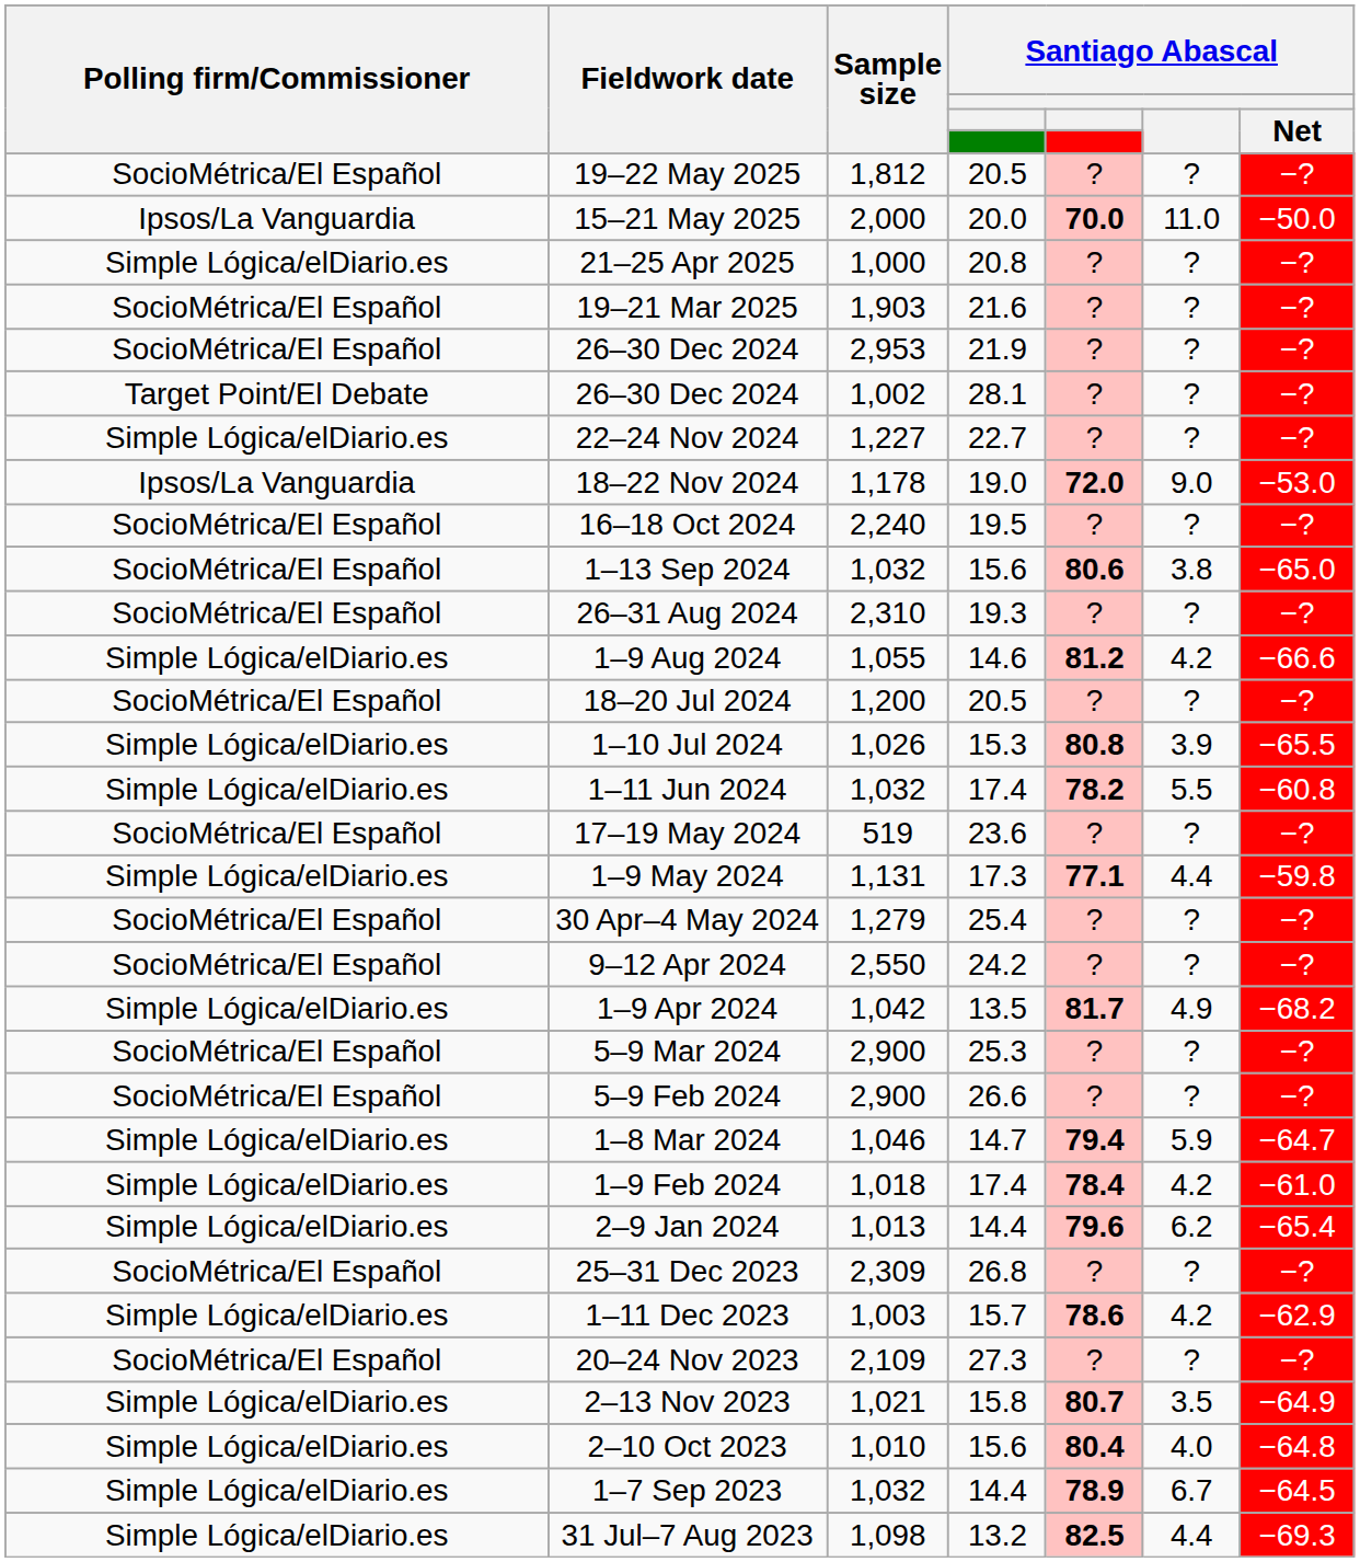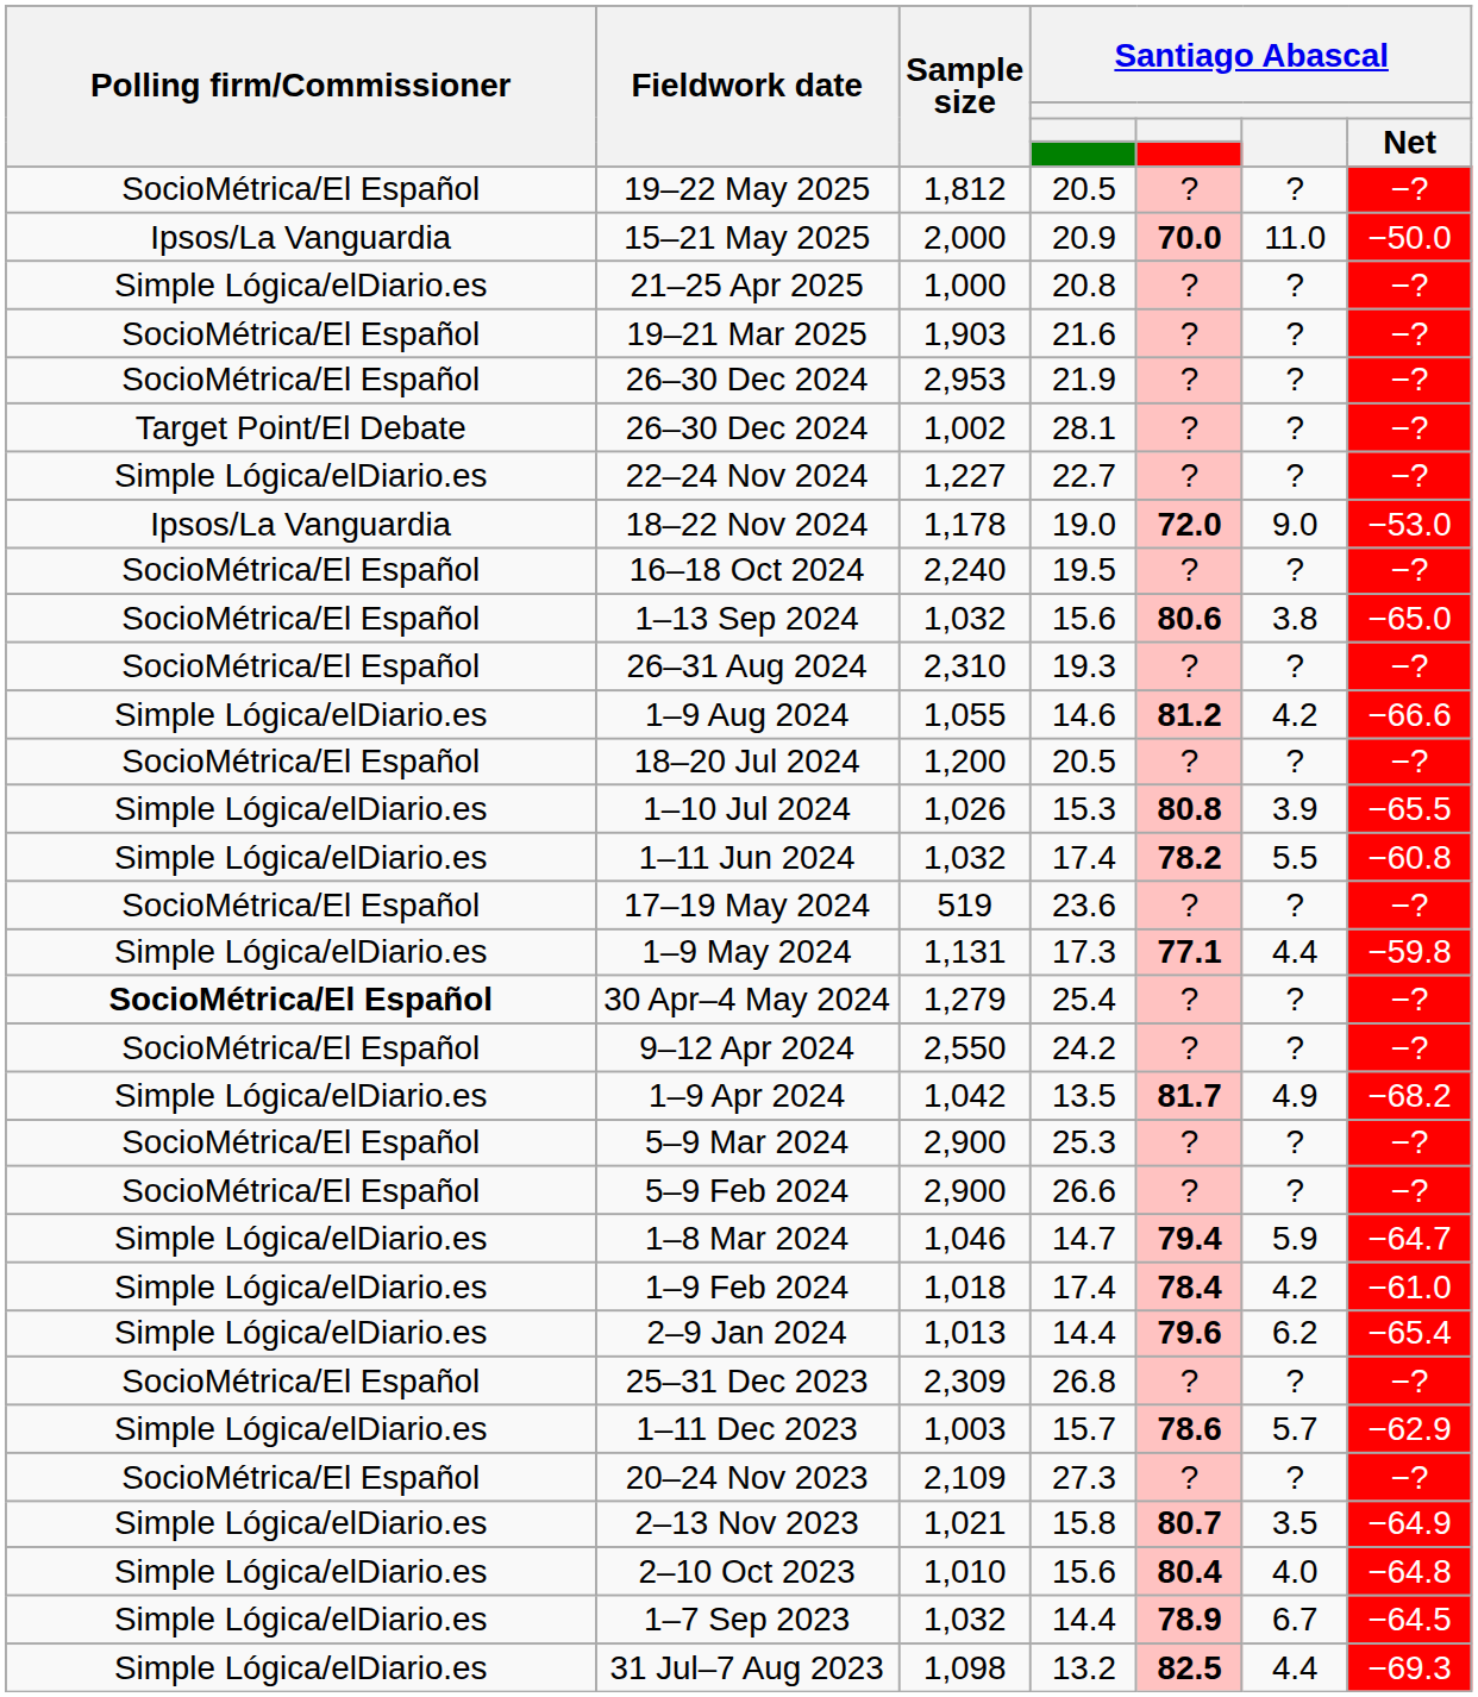 <table class="wikitable collapsible collapsed" style="text-align:center; font-size:90%; line-height:14px;">
 <tr style="height:42px;">
 <th style="width:250px;" rowspan="4">Polling firm/Commissioner</th>
 <th style="width:125px;" rowspan="4">Fieldwork date</th>
 <th style="width:50px;" rowspan="4">Sample size</th>
 <th style="width:185px;" colspan="4"><a href='#'>Santiago Abascal</a><br></th>
 </tr>
 <tr>
 <th colspan="4" style="background:"></th>
 </tr>
 <tr>
 <th style="width:30px;"></th>
 <th style="width:30px;"></th>
 <th style="width:30px;" rowspan="2"></th>
 <th style="width:30px;" rowspan="2">Net</th>
 </tr>
 <tr>
 <th style="color:inherit;background:#008000;"></th>
 <th style="color:inherit;background:#FF0000;"></th>
 </tr>
 <tr>
 <td>SocioMétrica/El Español</td>
 <td>19–22 May 2025</td>
 <td>1,812</td>
 <td>20.5</td>
 <td style="background:#FFC2C1;">?</td>
 <td>?</td>
 <td style="background:#FF0000; color:white;">−?</td>
 </tr>
 <tr>
 <td>Ipsos/La Vanguardia</td>
 <td>15–21 May 2025</td>
 <td>2,000</td>
-<td>20.0</td>
+<td>20.9</td>
 <td style="background:#FFC2C1;"><strong>70.0</strong></td>
 <td>11.0</td>
 <td style="background:#FF0000; color:white;">−50.0</td>
 </tr>
 <tr>
 <td>Simple Lógica/elDiario.es</td>
 <td>21–25 Apr 2025</td>
 <td>1,000</td>
 <td>20.8</td>
 <td style="background:#FFC2C1;">?</td>
 <td>?</td>
 <td style="background:#FF0000; color:white;">−?</td>
 </tr>
 <tr>
 <td>SocioMétrica/El Español</td>
 <td>19–21 Mar 2025</td>
 <td>1,903</td>
 <td>21.6</td>
 <td style="background:#FFC2C1;">?</td>
 <td>?</td>
 <td style="background:#FF0000; color:white;">−?</td>
 </tr>
 <tr>
 <td>SocioMétrica/El Español</td>
 <td>26–30 Dec 2024</td>
 <td>2,953</td>
 <td>21.9</td>
 <td style="background:#FFC2C1;">?</td>
 <td>?</td>
 <td style="background:#FF0000; color:white;">−?</td>
 </tr>
 <tr>
 <td>Target Point/El Debate</td>
 <td>26–30 Dec 2024</td>
 <td>1,002</td>
 <td>28.1</td>
 <td style="background:#FFC2C1;">?</td>
 <td>?</td>
 <td style="background:#FF0000; color:white;">−?</td>
 </tr>
 <tr>
 <td>Simple Lógica/elDiario.es</td>
 <td>22–24 Nov 2024</td>
 <td>1,227</td>
 <td>22.7</td>
 <td style="background:#FFC2C1;">?</td>
 <td>?</td>
 <td style="background:#FF0000; color:white;">−?</td>
 </tr>
 <tr>
 <td>Ipsos/La Vanguardia</td>
 <td>18–22 Nov 2024</td>
 <td>1,178</td>
 <td>19.0</td>
 <td style="background:#FFC2C1;"><strong>72.0</strong></td>
 <td>9.0</td>
 <td style="background:#FF0000; color:white;">−53.0</td>
 </tr>
 <tr>
 <td>SocioMétrica/El Español</td>
 <td>16–18 Oct 2024</td>
 <td>2,240</td>
 <td>19.5</td>
 <td style="background:#FFC2C1;">?</td>
 <td>?</td>
 <td style="background:#FF0000; color:white;">−?</td>
 </tr>
 <tr>
 <td>SocioMétrica/El Español</td>
 <td>1–13 Sep 2024</td>
 <td>1,032</td>
 <td>15.6</td>
 <td style="background:#FFC2C1;"><strong>80.6</strong></td>
 <td>3.8</td>
 <td style="background:#FF0000; color:white;">−65.0</td>
 </tr>
 <tr>
 <td>SocioMétrica/El Español</td>
 <td>26–31 Aug 2024</td>
 <td>2,310</td>
 <td>19.3</td>
 <td style="background:#FFC2C1;">?</td>
 <td>?</td>
 <td style="background:#FF0000; color:white;">−?</td>
 </tr>
 <tr>
 <td>Simple Lógica/elDiario.es</td>
 <td>1–9 Aug 2024</td>
 <td>1,055</td>
 <td>14.6</td>
 <td style="background:#FFC2C1;"><strong>81.2</strong></td>
 <td>4.2</td>
 <td style="background:#FF0000; color:white;">−66.6</td>
 </tr>
 <tr>
 <td>SocioMétrica/El Español</td>
 <td>18–20 Jul 2024</td>
 <td>1,200</td>
 <td>20.5</td>
 <td style="background:#FFC2C1;">?</td>
 <td>?</td>
 <td style="background:#FF0000; color:white;">−?</td>
 </tr>
 <tr>
 <td>Simple Lógica/elDiario.es</td>
 <td>1–10 Jul 2024</td>
 <td>1,026</td>
 <td>15.3</td>
 <td style="background:#FFC2C1;"><strong>80.8</strong></td>
 <td>3.9</td>
 <td style="background:#FF0000; color:white;">−65.5</td>
 </tr>
 <tr>
 <td>Simple Lógica/elDiario.es</td>
 <td>1–11 Jun 2024</td>
 <td>1,032</td>
 <td>17.4</td>
 <td style="background:#FFC2C1;"><strong>78.2</strong></td>
 <td>5.5</td>
 <td style="background:#FF0000; color:white;">−60.8</td>
 </tr>
 <tr>
 <td>SocioMétrica/El Español</td>
 <td>17–19 May 2024</td>
 <td>519</td>
 <td>23.6</td>
 <td style="background:#FFC2C1;">?</td>
 <td>?</td>
 <td style="background:#FF0000; color:white;">−?</td>
 </tr>
 <tr>
 <td>Simple Lógica/elDiario.es</td>
 <td>1–9 May 2024</td>
 <td>1,131</td>
 <td>17.3</td>
 <td style="background:#FFC2C1;"><strong>77.1</strong></td>
 <td>4.4</td>
 <td style="background:#FF0000; color:white;">−59.8</td>
 </tr>
 <tr>
-<td>SocioMétrica/El Español</td>
+<td><strong>SocioMétrica/El Español</strong></td>
 <td>30 Apr–4 May 2024</td>
 <td>1,279</td>
 <td>25.4</td>
 <td style="background:#FFC2C1;">?</td>
 <td>?</td>
 <td style="background:#FF0000; color:white;">−?</td>
 </tr>
 <tr>
 <td>SocioMétrica/El Español</td>
 <td>9–12 Apr 2024</td>
 <td>2,550</td>
 <td>24.2</td>
 <td style="background:#FFC2C1;">?</td>
 <td>?</td>
 <td style="background:#FF0000; color:white;">−?</td>
 </tr>
 <tr>
 <td>Simple Lógica/elDiario.es</td>
 <td>1–9 Apr 2024</td>
 <td>1,042</td>
 <td>13.5</td>
 <td style="background:#FFC2C1;"><strong>81.7</strong></td>
 <td>4.9</td>
 <td style="background:#FF0000; color:white;">−68.2</td>
 </tr>
 <tr>
 <td>SocioMétrica/El Español</td>
 <td>5–9 Mar 2024</td>
 <td>2,900</td>
 <td>25.3</td>
 <td style="background:#FFC2C1;">?</td>
 <td>?</td>
 <td style="background:#FF0000; color:white;">−?</td>
 </tr>
 <tr>
 <td>SocioMétrica/El Español</td>
 <td>5–9 Feb 2024</td>
 <td>2,900</td>
 <td>26.6</td>
 <td style="background:#FFC2C1;">?</td>
 <td>?</td>
 <td style="background:#FF0000; color:white;">−?</td>
 </tr>
 <tr>
 <td>Simple Lógica/elDiario.es</td>
 <td>1–8 Mar 2024</td>
 <td>1,046</td>
 <td>14.7</td>
 <td style="background:#FFC2C1;"><strong>79.4</strong></td>
 <td>5.9</td>
 <td style="background:#FF0000; color:white;">−64.7</td>
 </tr>
 <tr>
 <td>Simple Lógica/elDiario.es</td>
 <td>1–9 Feb 2024</td>
 <td>1,018</td>
 <td>17.4</td>
 <td style="background:#FFC2C1;"><strong>78.4</strong></td>
 <td>4.2</td>
 <td style="background:#FF0000; color:white;">−61.0</td>
 </tr>
 <tr>
 <td>Simple Lógica/elDiario.es</td>
 <td>2–9 Jan 2024</td>
 <td>1,013</td>
 <td>14.4</td>
 <td style="background:#FFC2C1;"><strong>79.6</strong></td>
 <td>6.2</td>
 <td style="background:#FF0000; color:white;">−65.4</td>
 </tr>
 <tr>
 <td>SocioMétrica/El Español</td>
 <td>25–31 Dec 2023</td>
 <td>2,309</td>
 <td>26.8</td>
 <td style="background:#FFC2C1;">?</td>
 <td>?</td>
 <td style="background:#FF0000; color:white;">−?</td>
 </tr>
 <tr>
 <td>Simple Lógica/elDiario.es</td>
 <td>1–11 Dec 2023</td>
 <td>1,003</td>
 <td>15.7</td>
 <td style="background:#FFC2C1;"><strong>78.6</strong></td>
-<td>4.2</td>
+<td>5.7</td>
 <td style="background:#FF0000; color:white;">−62.9</td>
 </tr>
 <tr>
 <td>SocioMétrica/El Español</td>
 <td>20–24 Nov 2023</td>
 <td>2,109</td>
 <td>27.3</td>
 <td style="background:#FFC2C1;">?</td>
 <td>?</td>
 <td style="background:#FF0000; color:white;">−?</td>
 </tr>
 <tr>
 <td>Simple Lógica/elDiario.es</td>
 <td>2–13 Nov 2023</td>
 <td>1,021</td>
 <td>15.8</td>
 <td style="background:#FFC2C1;"><strong>80.7</strong></td>
 <td>3.5</td>
 <td style="background:#FF0000; color:white;">−64.9</td>
 </tr>
 <tr>
 <td>Simple Lógica/elDiario.es</td>
 <td>2–10 Oct 2023</td>
 <td>1,010</td>
 <td>15.6</td>
 <td style="background:#FFC2C1;"><strong>80.4</strong></td>
 <td>4.0</td>
 <td style="background:#FF0000; color:white;">−64.8</td>
 </tr>
 <tr>
 <td>Simple Lógica/elDiario.es</td>
 <td>1–7 Sep 2023</td>
 <td>1,032</td>
 <td>14.4</td>
 <td style="background:#FFC2C1;"><strong>78.9</strong></td>
 <td>6.7</td>
 <td style="background:#FF0000; color:white;">−64.5</td>
 </tr>
 <tr>
 <td>Simple Lógica/elDiario.es</td>
 <td>31 Jul–7 Aug 2023</td>
 <td>1,098</td>
 <td>13.2</td>
 <td style="background:#FFC2C1;"><strong>82.5</strong></td>
 <td>4.4</td>
 <td style="background:#FF0000; color:white;">−69.3</td>
 </tr>
 </table>
